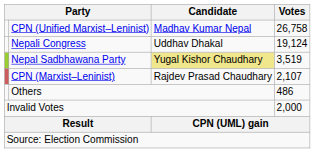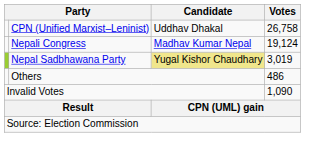 <table class="wikitable">
 <tr>
 <th colspan="2">Party</th>
 <th>Candidate</th>
 <th>Votes</th>
 </tr>
 <tr>
 <td style="background-color:"></td>
 <td><a href='#'>CPN (Unified Marxist–Leninist)</a></td>
-<td><a href='#'>Madhav Kumar Nepal</a></td>
+<td>Uddhav Dhakal</td>
 <td>26,758</td>
 </tr>
 <tr>
 <td style="background-color:"></td>
 <td><a href='#'>Nepali Congress</a></td>
-<td>Uddhav Dhakal</td>
+<td><a href='#'>Madhav Kumar Nepal</a></td>
 <td>19,124</td>
 </tr>
 <tr>
 <td style="background-color:yellowgreen"></td>
 <td><a href='#'>Nepal Sadbhawana Party</a></td>
 <td style="background: khaki;">Yugal Kishor Chaudhary</td>
-<td>3,519</td>
-</tr>
-<tr>
-<td style="background-color:indianred"></td>
-<td><a href='#'>CPN (Marxist–Leninist)</a></td>
-<td>Rajdev Prasad Chaudhary</td>
-<td>2,107</td>
+<td>3,019</td>
 </tr>
 <tr>
 <td></td>
 <td colspan="2">Others</td>
 <td>486</td>
 </tr>
 <tr>
 <td colspan="3">Invalid Votes</td>
-<td>2,000</td>
+<td>1,090</td>
 </tr>
 <tr>
 <th colspan="2">Result</th>
 <th colspan="2">CPN (UML) gain</th>
 </tr>
 <tr>
 <td colspan="4">Source: Election Commission</td>
 </tr>
 </table>
